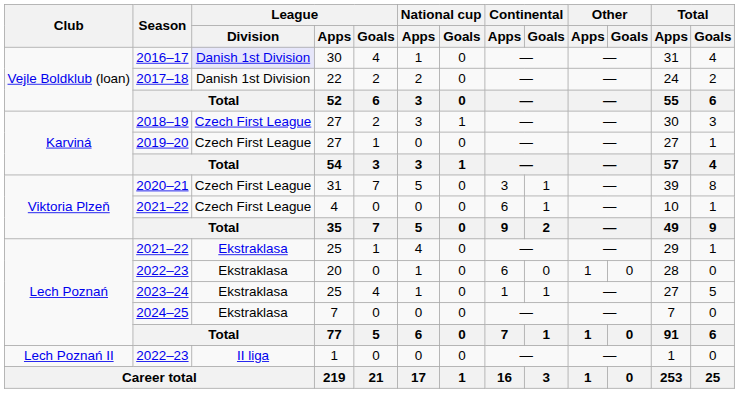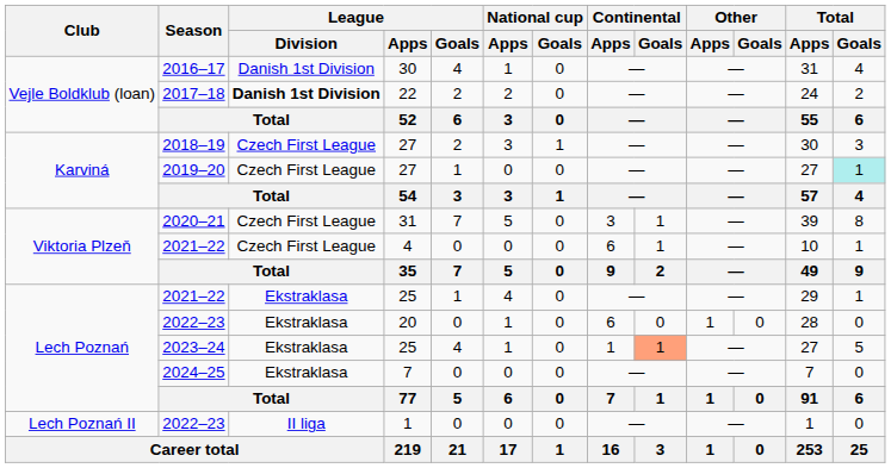 <table class="wikitable" style="text-align:center">
 <tr>
 <th rowspan="2">Club</th>
 <th rowspan="2">Season</th>
 <th colspan="3">League</th>
 <th colspan="2">National cup</th>
 <th colspan="2">Continental</th>
 <th colspan="2">Other</th>
 <th colspan="2">Total</th>
 </tr>
 <tr>
 <th>Division</th>
 <th>Apps</th>
 <th>Goals</th>
 <th>Apps</th>
 <th>Goals</th>
 <th>Apps</th>
 <th>Goals</th>
 <th>Apps</th>
 <th>Goals</th>
 <th>Apps</th>
 <th>Goals</th>
 </tr>
 <tr>
 <td rowspan="3"><a href='#'>Vejle Boldklub</a> (loan)</td>
 <td><a href='#'>2016–17</a></td>
-<td style="background: lavender;"><a href='#'>Danish 1st Division</a></td>
+<td><a href='#'>Danish 1st Division</a></td>
 <td>30</td>
 <td>4</td>
 <td>1</td>
 <td>0</td>
 <td colspan="2">—</td>
 <td colspan="2">—</td>
 <td>31</td>
 <td>4</td>
 </tr>
 <tr>
 <td><a href='#'>2017–18</a></td>
-<td>Danish 1st Division</td>
+<td><strong>Danish 1st Division</strong></td>
 <td>22</td>
 <td>2</td>
 <td>2</td>
 <td>0</td>
 <td colspan="2">—</td>
 <td colspan="2">—</td>
 <td>24</td>
 <td>2</td>
 </tr>
 <tr>
 <th colspan="2">Total</th>
 <th>52</th>
 <th>6</th>
 <th>3</th>
 <th>0</th>
 <th colspan="2">—</th>
 <th colspan="2">—</th>
 <th>55</th>
 <th>6</th>
 </tr>
 <tr>
 <td rowspan="3"><a href='#'>Karviná</a></td>
 <td><a href='#'>2018–19</a></td>
 <td><a href='#'>Czech First League</a></td>
 <td>27</td>
 <td>2</td>
 <td>3</td>
 <td>1</td>
 <td colspan="2">—</td>
 <td colspan="2">—</td>
 <td>30</td>
 <td>3</td>
 </tr>
 <tr>
 <td><a href='#'>2019–20</a></td>
 <td>Czech First League</td>
 <td>27</td>
 <td>1</td>
 <td>0</td>
 <td>0</td>
 <td colspan="2">—</td>
 <td colspan="2">—</td>
 <td>27</td>
-<td>1</td>
+<td style="background: paleturquoise;">1</td>
 </tr>
 <tr>
 <th colspan="2">Total</th>
 <th>54</th>
 <th>3</th>
 <th>3</th>
 <th>1</th>
 <th colspan="2">—</th>
 <th colspan="2">—</th>
 <th>57</th>
 <th>4</th>
 </tr>
 <tr>
 <td rowspan="3"><a href='#'>Viktoria Plzeň</a></td>
 <td><a href='#'>2020–21</a></td>
 <td>Czech First League</td>
 <td>31</td>
 <td>7</td>
 <td>5</td>
 <td>0</td>
 <td>3</td>
 <td>1</td>
 <td colspan="2">—</td>
 <td>39</td>
 <td>8</td>
 </tr>
 <tr>
 <td><a href='#'>2021–22</a></td>
 <td>Czech First League</td>
 <td>4</td>
 <td>0</td>
 <td>0</td>
 <td>0</td>
 <td>6</td>
 <td>1</td>
 <td colspan="2">—</td>
 <td>10</td>
 <td>1</td>
 </tr>
 <tr>
 <th colspan="2">Total</th>
 <th>35</th>
 <th>7</th>
 <th>5</th>
 <th>0</th>
 <th>9</th>
 <th>2</th>
 <th colspan="2">—</th>
 <th>49</th>
 <th>9</th>
 </tr>
 <tr>
 <td rowspan="5"><a href='#'>Lech Poznań</a></td>
 <td><a href='#'>2021–22</a></td>
 <td><a href='#'>Ekstraklasa</a></td>
 <td>25</td>
 <td>1</td>
 <td>4</td>
 <td>0</td>
 <td colspan="2">—</td>
 <td colspan="2">—</td>
 <td>29</td>
 <td>1</td>
 </tr>
 <tr>
 <td><a href='#'>2022–23</a></td>
 <td>Ekstraklasa</td>
 <td>20</td>
 <td>0</td>
 <td>1</td>
 <td>0</td>
 <td>6</td>
 <td>0</td>
 <td>1</td>
 <td>0</td>
 <td>28</td>
 <td>0</td>
 </tr>
 <tr>
 <td><a href='#'>2023–24</a></td>
 <td>Ekstraklasa</td>
 <td>25</td>
 <td>4</td>
 <td>1</td>
 <td>0</td>
 <td>1</td>
-<td>1</td>
+<td style="background: lightsalmon;">1</td>
 <td colspan="2">—</td>
 <td>27</td>
 <td>5</td>
 </tr>
 <tr>
 <td><a href='#'>2024–25</a></td>
 <td>Ekstraklasa</td>
 <td>7</td>
 <td>0</td>
 <td>0</td>
 <td>0</td>
 <td colspan="2">—</td>
 <td colspan="2">—</td>
 <td>7</td>
 <td>0</td>
 </tr>
 <tr>
 <th colspan="2">Total</th>
 <th>77</th>
 <th>5</th>
 <th>6</th>
 <th>0</th>
 <th>7</th>
 <th>1</th>
 <th>1</th>
 <th>0</th>
 <th>91</th>
 <th>6</th>
 </tr>
 <tr>
 <td><a href='#'>Lech Poznań II</a></td>
 <td><a href='#'>2022–23</a></td>
 <td><a href='#'>II liga</a></td>
 <td>1</td>
 <td>0</td>
 <td>0</td>
 <td>0</td>
 <td colspan="2">—</td>
 <td colspan="2">—</td>
 <td>1</td>
 <td>0</td>
 </tr>
 <tr>
 <th colspan="3">Career total</th>
 <th>219</th>
 <th>21</th>
 <th>17</th>
 <th>1</th>
 <th>16</th>
 <th>3</th>
 <th>1</th>
 <th>0</th>
 <th>253</th>
 <th>25</th>
 </tr>
 </table>
